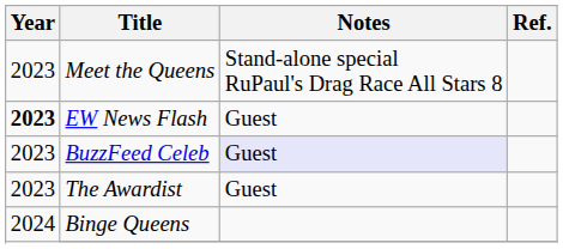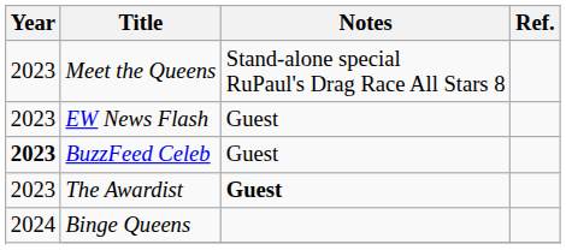 <table class="wikitable">
 <tr>
 <th>Year</th>
 <th>Title</th>
 <th>Notes</th>
 <th>Ref.</th>
 </tr>
 <tr>
 <td>2023</td>
 <td><em>Meet the Queens</em></td>
 <td>Stand-alone special<br> RuPaul's Drag Race All Stars 8</td>
 <td></td>
 </tr>
 <tr>
-<td><strong>2023</strong></td>
+<td>2023</td>
 <td><em><a href='#'>EW</a> News Flash</em></td>
 <td>Guest</td>
 <td></td>
 </tr>
 <tr>
-<td>2023</td>
+<td><strong>2023</strong></td>
 <td><em><a href='#'>BuzzFeed Celeb</a></em></td>
-<td style="background: lavender;">Guest</td>
+<td>Guest</td>
 <td></td>
 </tr>
 <tr>
 <td>2023</td>
 <td><em>The Awardist</em></td>
-<td>Guest</td>
+<td><strong>Guest</strong></td>
 <td style="text-align: center;"></td>
 </tr>
 <tr>
 <td rowspan="3">2024</td>
 <td><em>Binge Queens</em></td>
 <td></td>
 <td></td>
 </tr>
 <tr>
 </tr>
 </table>
